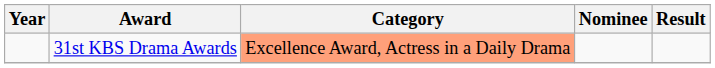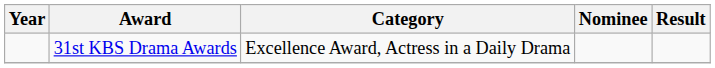 <table class="wikitable">
 <tr>
 <th>Year</th>
 <th>Award</th>
 <th>Category</th>
 <th>Nominee</th>
 <th>Result</th>
 </tr>
 <tr>
 <td></td>
 <td><a href='#'>31st KBS Drama Awards</a></td>
-<td style="background: lightsalmon;">Excellence Award, Actress in a Daily Drama</td>
+<td>Excellence Award, Actress in a Daily Drama</td>
 <td></td>
 <td></td>
 </tr>
 <tr>
 </tr>
 </table>
